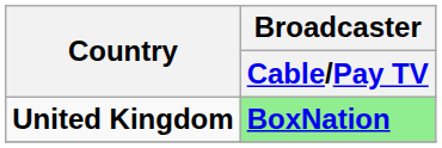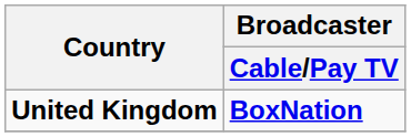 <table class="wikitable">
 <tr>
 <th rowspan="2">Country</th>
 <th colspan="2">Broadcaster</th>
 </tr>
 <tr>
 <th><a href='#'>Cable</a>/<a href='#'>Pay TV</a></th>
 </tr>
 <tr>
 <td><strong>United Kingdom</strong></td>
-<td style="background: lightgreen;"><strong><a href='#'>BoxNation</a></strong></td>
+<td><strong><a href='#'>BoxNation</a></strong></td>
 </tr>
 <tr>
 </tr>
 </table>
